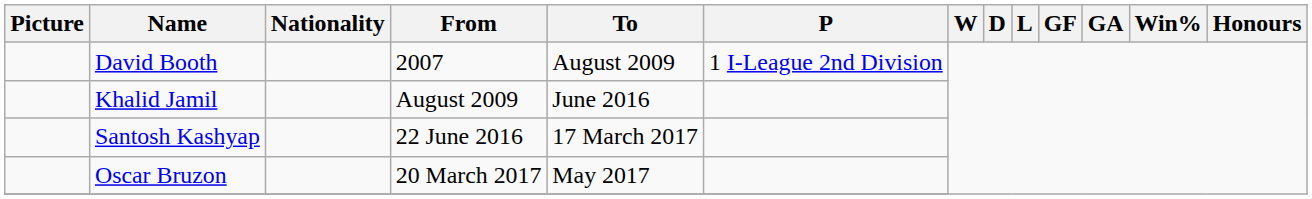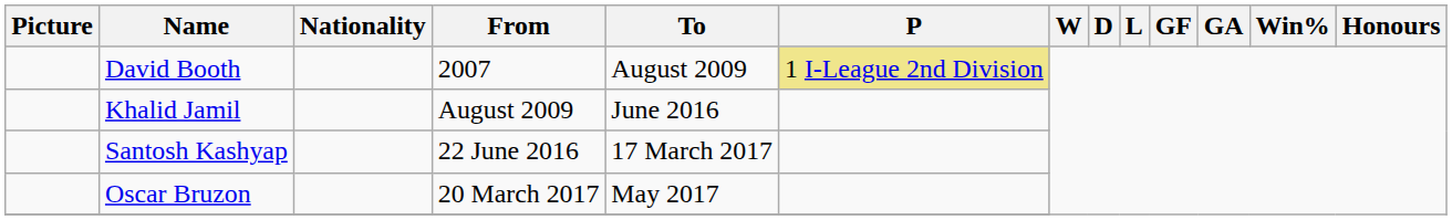 <table class="wikitable sortable" style="text-align: center">
 <tr>
 <th>Picture</th>
 <th>Name</th>
 <th>Nationality</th>
 <th>From</th>
 <th class="unsortable">To</th>
 <th>P</th>
 <th>W</th>
 <th>D</th>
 <th>L</th>
 <th>GF</th>
 <th>GA</th>
 <th>Win%</th>
 <th class="unsortable">Honours</th>
 </tr>
 <tr>
 <td></td>
 <td align=left><a href='#'>David Booth</a></td>
 <td></td>
 <td align=left>2007</td>
 <td align=left>August 2009<br></td>
-<td>1 <a href='#'>I-League 2nd Division</a></td>
+<td style="background: khaki;">1 <a href='#'>I-League 2nd Division</a></td>
 </tr>
 <tr>
 <td></td>
 <td align=left><a href='#'>Khalid Jamil</a></td>
 <td></td>
 <td align=left>August 2009</td>
 <td align=left>June 2016<br></td>
 <td></td>
 </tr>
 <tr>
 <td></td>
 <td align=left><a href='#'>Santosh Kashyap</a></td>
 <td></td>
 <td align=left>22 June 2016</td>
 <td align=left>17 March 2017<br></td>
 <td></td>
 </tr>
 <tr>
 <td></td>
 <td align=left><a href='#'>Oscar Bruzon</a></td>
 <td></td>
 <td align=left>20 March 2017</td>
 <td align=left>May 2017<br></td>
 <td></td>
 </tr>
 <tr>
 </tr>
 </table>
